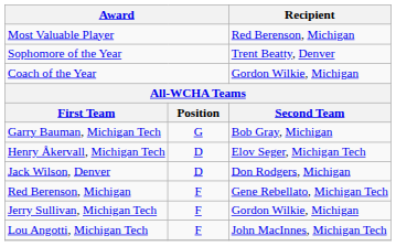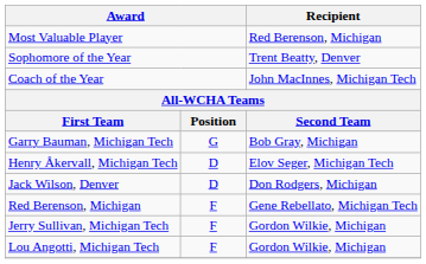 <table class="wikitable">
 <tr>
 <th colspan=2><a href='#'>Award</a></th>
 <th>Recipient</th>
 </tr>
 <tr>
 <td colspan=2><a href='#'>Most Valuable Player</a></td>
 <td><a href='#'>Red Berenson</a>, <a href='#'>Michigan</a></td>
 </tr>
 <tr>
 <td colspan=2><a href='#'>Sophomore of the Year</a></td>
 <td><a href='#'>Trent Beatty</a>, <a href='#'>Denver</a></td>
 </tr>
 <tr>
 <td colspan=2><a href='#'>Coach of the Year</a></td>
-<td><a href='#'>Gordon Wilkie</a>, <a href='#'>Michigan</a></td>
+<td><a href='#'>John MacInnes</a>, <a href='#'>Michigan Tech</a></td>
 </tr>
 <tr>
 <th colspan=3><a href='#'>All-WCHA Teams</a></th>
 </tr>
 <tr>
 <th><a href='#'>First Team</a></th>
 <th>  Position  </th>
 <th><a href='#'>Second Team</a></th>
 </tr>
 <tr>
 <td><a href='#'>Garry Bauman</a>, <a href='#'>Michigan Tech</a></td>
 <td align=center><a href='#'>G</a></td>
 <td><a href='#'>Bob Gray</a>, <a href='#'>Michigan</a></td>
 </tr>
 <tr>
 <td><a href='#'>Henry Åkervall</a>, <a href='#'>Michigan Tech</a></td>
 <td align=center><a href='#'>D</a></td>
 <td><a href='#'>Elov Seger</a>, <a href='#'>Michigan Tech</a></td>
 </tr>
 <tr>
 <td><a href='#'>Jack Wilson</a>, <a href='#'>Denver</a></td>
 <td align=center><a href='#'>D</a></td>
 <td><a href='#'>Don Rodgers</a>, <a href='#'>Michigan</a></td>
 </tr>
 <tr>
 <td><a href='#'>Red Berenson</a>, <a href='#'>Michigan</a></td>
 <td align=center><a href='#'>F</a></td>
 <td><a href='#'>Gene Rebellato</a>, <a href='#'>Michigan Tech</a></td>
 </tr>
 <tr>
 <td><a href='#'>Jerry Sullivan</a>, <a href='#'>Michigan Tech</a></td>
 <td align=center><a href='#'>F</a></td>
 <td><a href='#'>Gordon Wilkie</a>, <a href='#'>Michigan</a></td>
 </tr>
 <tr>
 <td><a href='#'>Lou Angotti</a>, <a href='#'>Michigan Tech</a></td>
 <td align=center><a href='#'>F</a></td>
-<td><a href='#'>John MacInnes</a>, <a href='#'>Michigan Tech</a></td>
+<td><a href='#'>Gordon Wilkie</a>, <a href='#'>Michigan</a></td>
 </tr>
 <tr>
 </tr>
 </table>
